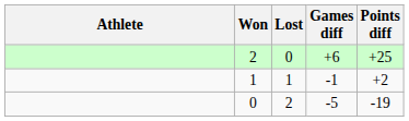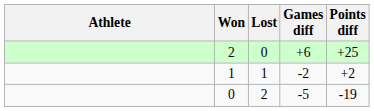 <table class="wikitable">
 <tr>
 <th style="width:15em">Athlete</th>
 <th>Won</th>
 <th>Lost</th>
 <th>Games<br>diff</th>
 <th>Points<br>diff</th>
 </tr>
 <tr bgcolor="#ccffcc">
 <td></td>
 <td align="center">2</td>
 <td align="center">0</td>
 <td align="center">+6</td>
 <td align="center">+25</td>
 </tr>
 <tr>
 <td></td>
 <td align="center">1</td>
 <td align="center">1</td>
-<td align="center">-1</td>
+<td align="center">-2</td>
 <td align="center">+2</td>
 </tr>
 <tr>
 <td></td>
 <td align="center">0</td>
 <td align="center">2</td>
 <td align="center">-5</td>
 <td align="center">-19</td>
 </tr>
 </table>
